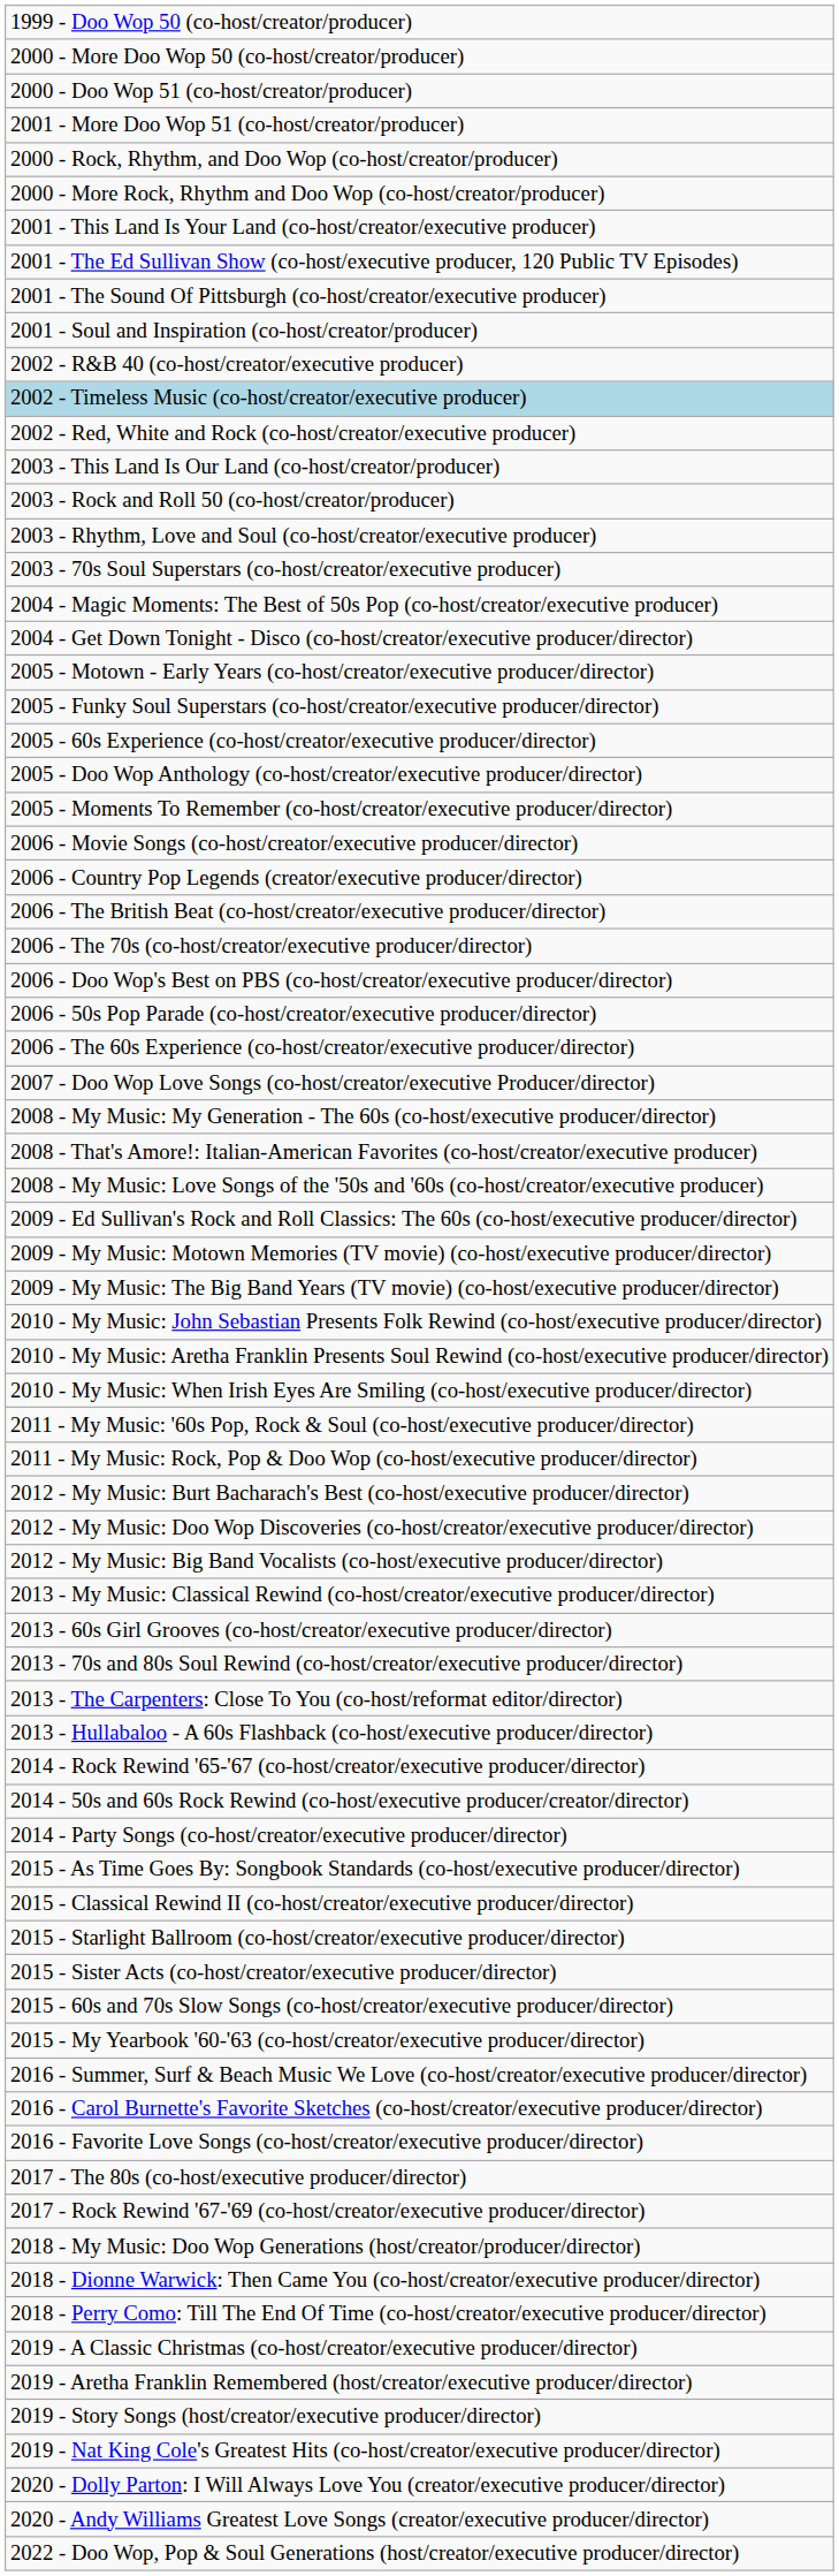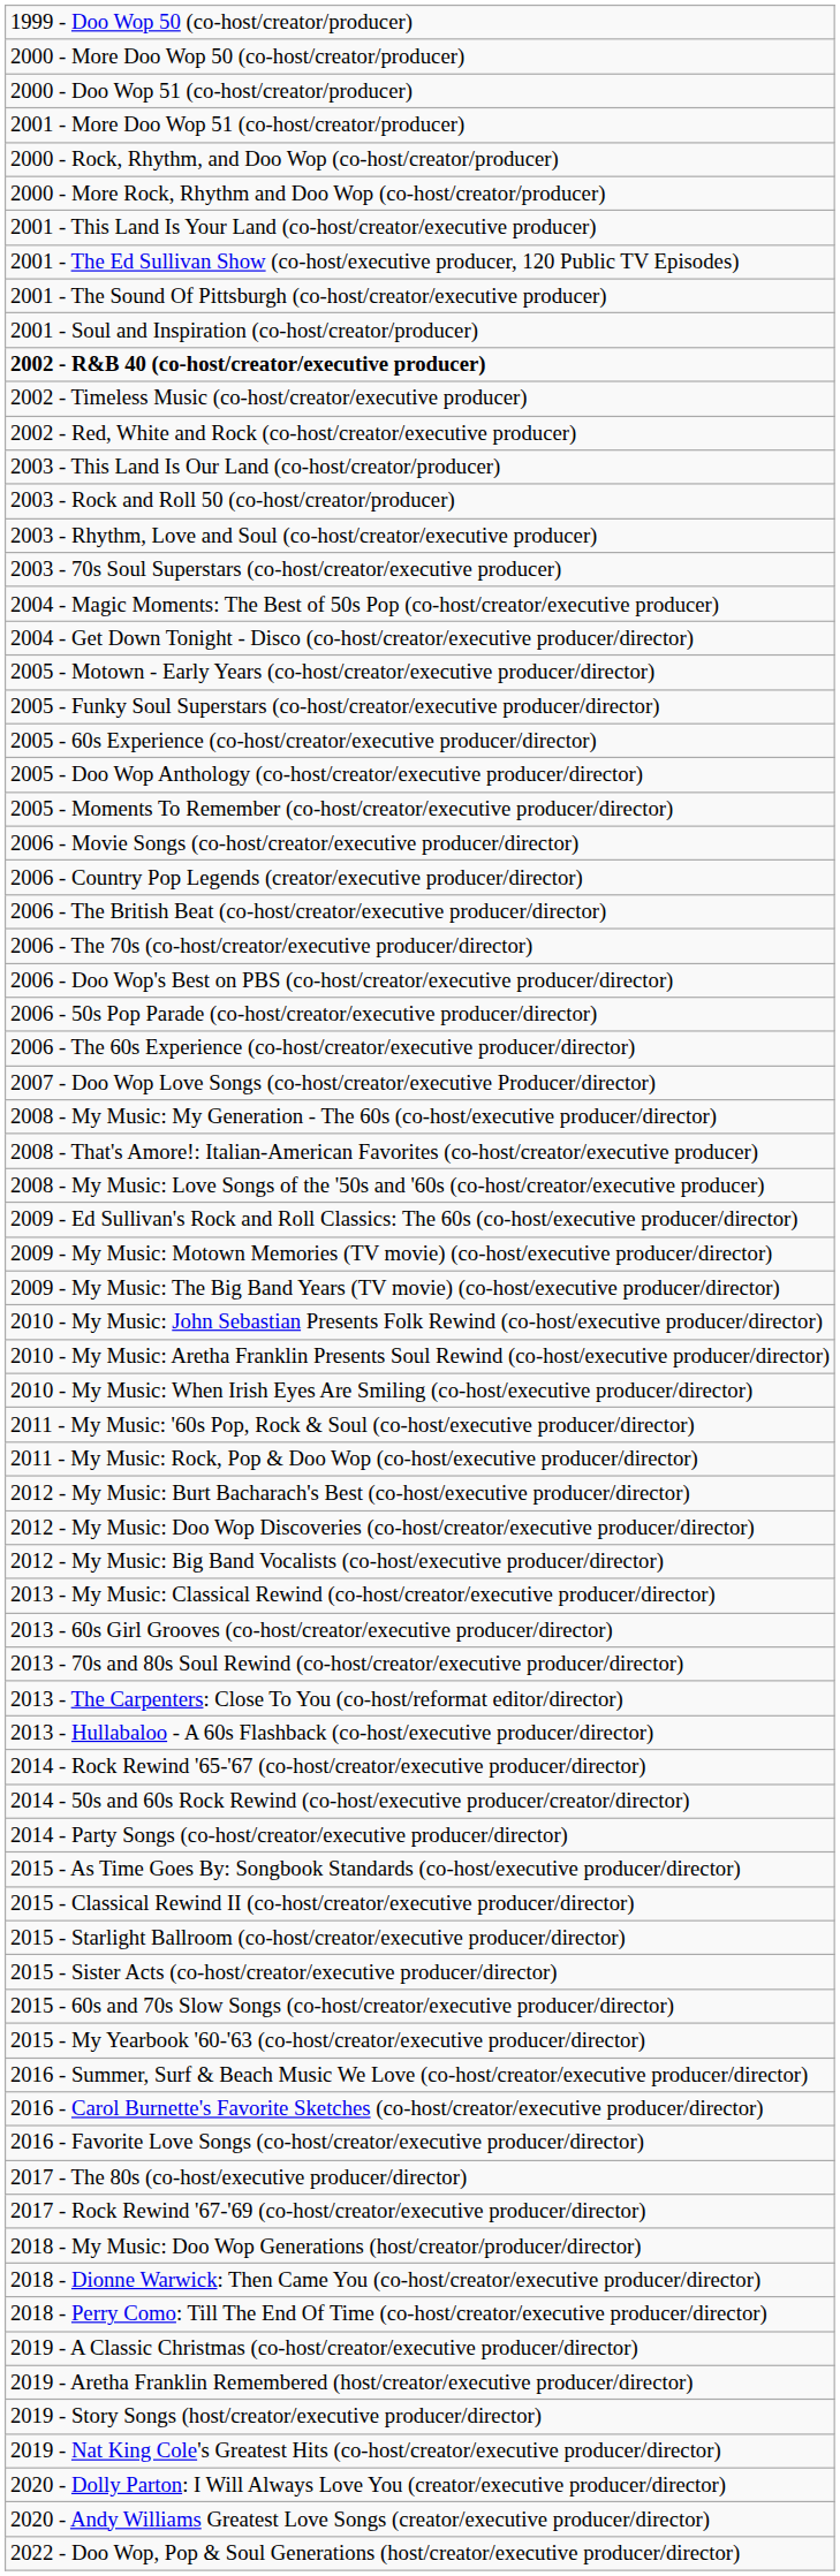 <table class="wikitable mw-collapsible mw-collapsed">
 <tr>
 <td>1999 - <a href='#'>Doo Wop 50</a> (co-host/creator/producer)</td>
 </tr>
 <tr>
 <td>2000 - More Doo Wop 50 (co-host/creator/producer)</td>
 </tr>
 <tr>
 <td>2000 - Doo Wop 51 (co-host/creator/producer)</td>
 </tr>
 <tr>
 <td>2001 - More Doo Wop 51 (co-host/creator/producer)</td>
 </tr>
 <tr>
 <td>2000 - Rock, Rhythm, and Doo Wop (co-host/creator/producer)</td>
 </tr>
 <tr>
 <td>2000 - More Rock, Rhythm and Doo Wop (co-host/creator/producer)</td>
 </tr>
 <tr>
 <td>2001 - This Land Is Your Land (co-host/creator/executive producer)</td>
 </tr>
 <tr>
 <td>2001 - <a href='#'>The Ed Sullivan Show</a> (co-host/executive producer, 120 Public TV Episodes)</td>
 </tr>
 <tr>
 <td>2001 - The Sound Of Pittsburgh (co-host/creator/executive producer)</td>
 </tr>
 <tr>
 <td>2001 - Soul and Inspiration (co-host/creator/producer)</td>
 </tr>
 <tr>
-<td>2002 - R&B 40 (co-host/creator/executive producer)</td>
+<td><strong>2002 - R&B 40 (co-host/creator/executive producer)</strong></td>
 </tr>
 <tr>
-<td style="background: lightblue;">2002 - Timeless Music (co-host/creator/executive producer)</td>
+<td>2002 - Timeless Music (co-host/creator/executive producer)</td>
 </tr>
 <tr>
 <td>2002 - Red, White and Rock (co-host/creator/executive producer)</td>
 </tr>
 <tr>
 <td>2003 - This Land Is Our Land (co-host/creator/producer)</td>
 </tr>
 <tr>
 <td>2003 - Rock and Roll 50 (co-host/creator/producer)</td>
 </tr>
 <tr>
 <td>2003 - Rhythm, Love and Soul (co-host/creator/executive producer)</td>
 </tr>
 <tr>
 <td>2003 - 70s Soul Superstars (co-host/creator/executive producer)</td>
 </tr>
 <tr>
 <td>2004 - Magic Moments: The Best of 50s Pop (co-host/creator/executive producer)</td>
 </tr>
 <tr>
 <td>2004 - Get Down Tonight - Disco (co-host/creator/executive producer/director)</td>
 </tr>
 <tr>
 <td>2005 - Motown - Early Years (co-host/creator/executive producer/director)</td>
 </tr>
 <tr>
 <td>2005 - Funky Soul Superstars (co-host/creator/executive producer/director)</td>
 </tr>
 <tr>
 <td>2005 - 60s Experience (co-host/creator/executive producer/director)</td>
 </tr>
 <tr>
 <td>2005 - Doo Wop Anthology (co-host/creator/executive producer/director)</td>
 </tr>
 <tr>
 <td>2005 - Moments To Remember (co-host/creator/executive producer/director)</td>
 </tr>
 <tr>
 <td>2006 - Movie Songs (co-host/creator/executive producer/director)</td>
 </tr>
 <tr>
 <td>2006 - Country Pop Legends (creator/executive producer/director)</td>
 </tr>
 <tr>
 <td>2006 - The British Beat (co-host/creator/executive producer/director)</td>
 </tr>
 <tr>
 <td>2006 - The 70s (co-host/creator/executive producer/director)</td>
 </tr>
 <tr>
 <td>2006 - Doo Wop's Best on PBS (co-host/creator/executive producer/director)</td>
 </tr>
 <tr>
 <td>2006 - 50s Pop Parade (co-host/creator/executive producer/director)</td>
 </tr>
 <tr>
 <td>2006 - The 60s Experience (co-host/creator/executive producer/director)</td>
 </tr>
 <tr>
 <td>2007 - Doo Wop Love Songs (co-host/creator/executive Producer/director)</td>
 </tr>
 <tr>
 <td>2008 - My Music: My Generation - The 60s (co-host/executive producer/director)</td>
 </tr>
 <tr>
 <td>2008 - That's Amore!: Italian-American Favorites (co-host/creator/executive producer)</td>
 </tr>
 <tr>
 <td>2008 - My Music: Love Songs of the '50s and '60s (co-host/creator/executive producer)</td>
 </tr>
 <tr>
 <td>2009 - Ed Sullivan's Rock and Roll Classics: The 60s (co-host/executive producer/director)</td>
 </tr>
 <tr>
 <td>2009 - My Music: Motown Memories (TV movie) (co-host/executive producer/director)</td>
 </tr>
 <tr>
 <td>2009 - My Music: The Big Band Years (TV movie) (co-host/executive producer/director)</td>
 </tr>
 <tr>
 <td>2010 - My Music: <a href='#'>John Sebastian</a> Presents Folk Rewind (co-host/executive producer/director)</td>
 </tr>
 <tr>
 <td>2010 - My Music: Aretha Franklin Presents Soul Rewind (co-host/executive producer/director)</td>
 </tr>
 <tr>
 <td>2010 - My Music: When Irish Eyes Are Smiling (co-host/executive producer/director)</td>
 </tr>
 <tr>
 <td>2011 - My Music: '60s Pop, Rock & Soul (co-host/executive producer/director)</td>
 </tr>
 <tr>
 <td>2011 - My Music: Rock, Pop & Doo Wop (co-host/executive producer/director)</td>
 </tr>
 <tr>
 <td>2012 - My Music: Burt Bacharach's Best (co-host/executive producer/director)</td>
 </tr>
 <tr>
 <td>2012 - My Music: Doo Wop Discoveries (co-host/creator/executive producer/director)</td>
 </tr>
 <tr>
 <td>2012 - My Music: Big Band Vocalists (co-host/executive producer/director)</td>
 </tr>
 <tr>
 <td>2013 - My Music: Classical Rewind (co-host/creator/executive producer/director)</td>
 </tr>
 <tr>
 <td>2013 - 60s Girl Grooves (co-host/creator/executive producer/director)</td>
 </tr>
 <tr>
 <td>2013 - 70s and 80s Soul Rewind (co-host/creator/executive producer/director)</td>
 </tr>
 <tr>
 <td>2013 - <a href='#'>The Carpenters</a>: Close To You (co-host/reformat editor/director)</td>
 </tr>
 <tr>
 <td>2013 - <a href='#'>Hullabaloo</a> - A 60s Flashback (co-host/executive producer/director)</td>
 </tr>
 <tr>
 <td>2014 - Rock Rewind '65-'67 (co-host/creator/executive producer/director)</td>
 </tr>
 <tr>
 <td>2014 - 50s and 60s Rock Rewind (co-host/executive producer/creator/director)</td>
 </tr>
 <tr>
 <td>2014 - Party Songs (co-host/creator/executive producer/director)</td>
 </tr>
 <tr>
 <td>2015 - As Time Goes By: Songbook Standards (co-host/executive producer/director)</td>
 </tr>
 <tr>
 <td>2015 - Classical Rewind II (co-host/creator/executive producer/director)</td>
 </tr>
 <tr>
 <td>2015 - Starlight Ballroom (co-host/creator/executive producer/director)</td>
 </tr>
 <tr>
 <td>2015 - Sister Acts (co-host/creator/executive producer/director)</td>
 </tr>
 <tr>
 <td>2015 - 60s and 70s Slow Songs (co-host/creator/executive producer/director)</td>
 </tr>
 <tr>
 <td>2015 - My Yearbook '60-'63 (co-host/creator/executive producer/director)</td>
 </tr>
 <tr>
 <td>2016 - Summer, Surf & Beach Music We Love (co-host/creator/executive producer/director)</td>
 </tr>
 <tr>
 <td>2016 - <a href='#'>Carol Burnette's Favorite Sketches</a> (co-host/creator/executive producer/director)</td>
 </tr>
 <tr>
 <td>2016 - Favorite Love Songs (co-host/creator/executive producer/director)</td>
 </tr>
 <tr>
 <td>2017 - The 80s (co-host/executive producer/director)</td>
 </tr>
 <tr>
 <td>2017 - Rock Rewind '67-'69 (co-host/creator/executive producer/director)</td>
 </tr>
 <tr>
 <td>2018 - My Music: Doo Wop Generations (host/creator/producer/director)</td>
 </tr>
 <tr>
 <td>2018 - <a href='#'>Dionne Warwick</a>: Then Came You (co-host/creator/executive producer/director)</td>
 </tr>
 <tr>
 <td>2018 - <a href='#'>Perry Como</a>: Till The End Of Time (co-host/creator/executive producer/director)</td>
 </tr>
 <tr>
 <td>2019 - A Classic Christmas (co-host/creator/executive producer/director)</td>
 </tr>
 <tr>
 <td>2019 - Aretha Franklin Remembered (host/creator/executive producer/director)</td>
 </tr>
 <tr>
 <td>2019 - Story Songs (host/creator/executive producer/director)</td>
 </tr>
 <tr>
 <td>2019 - <a href='#'>Nat King Cole</a>'s Greatest Hits (co-host/creator/executive producer/director)</td>
 </tr>
 <tr>
 <td>2020 - <a href='#'>Dolly Parton</a>: I Will Always Love You (creator/executive producer/director)</td>
 </tr>
 <tr>
 <td>2020 - <a href='#'>Andy Williams</a> Greatest Love Songs (creator/executive producer/director)</td>
 </tr>
 <tr>
 <td>2022 - Doo Wop, Pop & Soul Generations (host/creator/executive producer/director)</td>
 </tr>
 </table>
